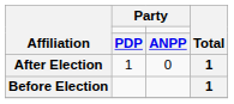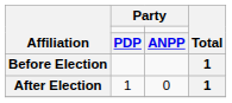 <table class=wikitable style="text-align:center">
 <tr style="vertical-align:bottom;">
 <th rowspan=3>Affiliation</th>
 <th colspan=2>Party</th>
 <th rowspan=3>Total</th>
 </tr>
 <tr>
 <td style="background-color:"></td>
 <td style="background-color:"></td>
 </tr>
 <tr>
 <th><a href='#'>PDP</a></th>
 <th><a href='#'>ANPP</a></th>
 </tr>
 <tr>
+<th>Before Election</th>
+<td></td>
+<td></td>
+<th>1</th>
+</tr>
+<tr>
 <th>After Election</th>
 <td>1</td>
 <td>0</td>
 <th>1</th>
 </tr>
 <tr>
-<th>Before Election</th>
-<td></td>
-<td></td>
-<th>1</th>
-</tr>
-<tr>
 </tr>
 </table>
